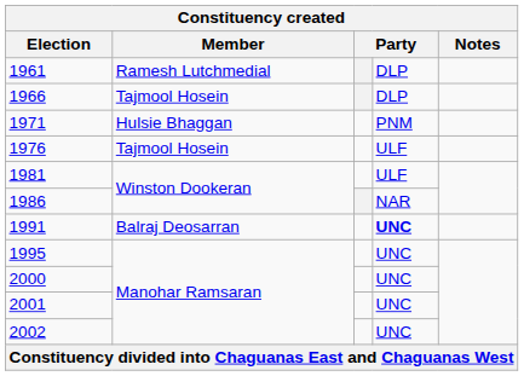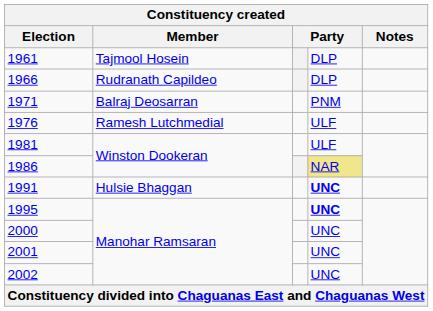 <table class="wikitable sortable" style="valign:top">
 <tr>
 <th colspan="5">Constituency created</th>
 </tr>
 <tr>
 <th>Election</th>
 <th>Member</th>
 <th colspan="2">Party</th>
 <th>Notes</th>
 </tr>
 <tr>
 <td><a href='#'>1961</a></td>
-<td><a href='#'>Ramesh Lutchmedial</a></td>
+<td><a href='#'>Tajmool Hosein</a></td>
 <th style="background-color: "></th>
 <td><a href='#'>DLP</a></td>
 <td></td>
 </tr>
 <tr>
 <td><a href='#'>1966</a></td>
-<td><a href='#'>Tajmool Hosein</a></td>
+<td><a href='#'>Rudranath Capildeo</a></td>
 <th style="background-color: "></th>
 <td><a href='#'>DLP</a></td>
 <td></td>
 </tr>
 <tr>
 <td><a href='#'>1971</a></td>
-<td><a href='#'>Hulsie Bhaggan</a></td>
+<td><a href='#'>Balraj Deosarran</a></td>
 <td style="background:"> </td>
 <td><a href='#'>PNM</a></td>
 <td></td>
 </tr>
 <tr>
 <td><a href='#'>1976</a></td>
-<td><a href='#'>Tajmool Hosein</a></td>
+<td><a href='#'>Ramesh Lutchmedial</a></td>
 <td style="background:"> </td>
 <td><a href='#'>ULF</a></td>
 <td></td>
 </tr>
 <tr>
 <td><a href='#'>1981</a></td>
 <td rowspan="2"><a href='#'>Winston Dookeran</a></td>
 <td style="background:"> </td>
 <td><a href='#'>ULF</a></td>
 <td rowspan="2"></td>
 </tr>
 <tr>
 <td><a href='#'>1986</a></td>
 <th style="background-color: "></th>
-<td><a href='#'>NAR</a></td>
+<td style="background: khaki;"><a href='#'>NAR</a></td>
 </tr>
 <tr>
 <td><a href='#'>1991</a></td>
-<td><a href='#'>Balraj Deosarran</a></td>
+<td><a href='#'>Hulsie Bhaggan</a></td>
 <td style="background:"> </td>
 <td><strong><a href='#'>UNC</a></strong></td>
 <td></td>
 </tr>
 <tr>
 <td><a href='#'>1995</a></td>
 <td rowspan="4"><a href='#'>Manohar Ramsaran</a></td>
 <td style="background:"> </td>
-<td><a href='#'>UNC</a></td>
+<td><strong><a href='#'>UNC</a></strong></td>
 <td rowspan="4"></td>
 </tr>
 <tr>
 <td><a href='#'>2000</a></td>
 <td style="background:"> </td>
 <td><a href='#'>UNC</a></td>
 </tr>
 <tr>
 <td><a href='#'>2001</a></td>
 <td style="background:"> </td>
 <td><a href='#'>UNC</a></td>
 </tr>
 <tr>
 <td><a href='#'>2002</a></td>
 <td style="background:"> </td>
 <td><a href='#'>UNC</a></td>
 </tr>
 <tr>
 <th colspan="5">Constituency divided into <a href='#'>Chaguanas East</a> and <a href='#'>Chaguanas West</a></th>
 </tr>
 </table>
